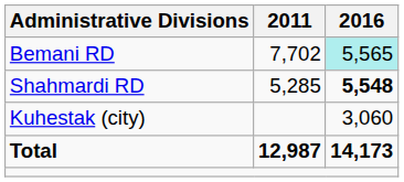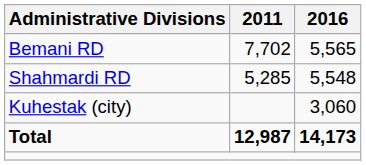 <table class="wikitable">
 <tr>
 <th>Administrative Divisions</th>
 <th>2011</th>
 <th>2016</th>
 </tr>
 <tr>
 <td><a href='#'>Bemani RD</a></td>
 <td style="text-align: right;">7,702</td>
-<td style="background: paleturquoise; text-align: right;">5,565</td>
+<td style="text-align: right;">5,565</td>
 </tr>
 <tr>
 <td><a href='#'>Shahmardi RD</a></td>
 <td style="text-align: right;">5,285</td>
-<td style="text-align: right;"><strong>5,548</strong></td>
+<td style="text-align: right;">5,548</td>
 </tr>
 <tr>
 <td><a href='#'>Kuhestak</a> (city)</td>
 <td style="text-align: right;"></td>
 <td style="text-align: right;">3,060</td>
 </tr>
 <tr>
 <td><strong>Total</strong></td>
 <td style="text-align: right;"><strong>12,987</strong></td>
 <td style="text-align: right;"><strong>14,173</strong></td>
 </tr>
 <tr>
 <td colspan=3></td>
 </tr>
 </table>
